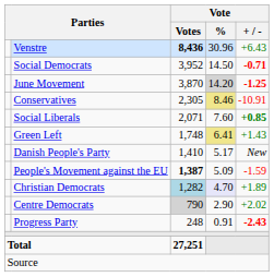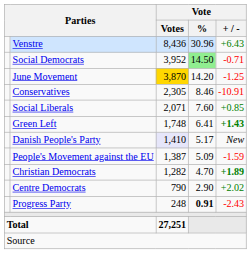 <table class="wikitable" style="text-align:right;">
 <tr>
 <th style="text-align:centre;" rowspan="2" colspan="2" width="225">Parties</th>
 <th colspan="3">Vote</th>
 </tr>
 <tr>
 <th width="15">Votes</th>
 <th width="15">%</th>
 <th width="15">+ / -</th>
 </tr>
 <tr>
 <td width="2" style="color:inherit;background:"></td>
 <td bgcolor=#cfe5fe   align="left"><a href='#'>Venstre</a></td>
-<td bgcolor=#cfe5fe><strong>8,436</strong></td>
+<td bgcolor=#cfe5fe>8,436</td>
 <td bgcolor=#cfe5fe>30.96</td>
 <td style=color:green;>+6.43</td>
 </tr>
 <tr>
 <td width="2" style="color:inherit;background:"></td>
 <td align="left"><a href='#'>Social Democrats</a></td>
 <td>3,952</td>
-<td>14.50</td>
-<td style=color:red;><strong>-0.71</strong></td>
+<td style="background: lightgreen;">14.50</td>
+<td style=color:red;>-0.71</td>
 </tr>
 <tr>
 <td width="2" style="color:inherit;background:"></td>
 <td align="left"><a href='#'>June Movement</a></td>
-<td>3,870</td>
-<td style="background: lightgrey;">14.20</td>
-<td style=color:red;><strong>-1.25</strong></td>
+<td style="background: gold;">3,870</td>
+<td>14.20</td>
+<td style=color:red;>-1.25</td>
 </tr>
 <tr>
 <td width="2" style="color:inherit;background:"></td>
 <td align="left"><a href='#'>Conservatives</a></td>
 <td>2,305</td>
-<td style="background: khaki;">8.46</td>
+<td>8.46</td>
 <td style=color:red;>-10.91</td>
 </tr>
 <tr>
 <td width="2" style="color:inherit;background:"></td>
 <td align="left"><a href='#'>Social Liberals</a></td>
 <td>2,071</td>
 <td>7.60</td>
-<td style=color:green;><strong>+0.85</strong></td>
+<td style=color:green;>+0.85</td>
 </tr>
 <tr>
 <td width="2" style="color:inherit;background:"></td>
 <td align="left"><a href='#'>Green Left</a></td>
 <td>1,748</td>
-<td style="background: khaki;">6.41</td>
-<td style=color:green;>+1.43</td>
+<td>6.41</td>
+<td style=color:green;><strong>+1.43</strong></td>
 </tr>
 <tr>
 <td width="2" style="color:inherit;background:"></td>
 <td align="left"><a href='#'>Danish People's Party</a></td>
-<td>1,410</td>
+<td style="background: lavender;">1,410</td>
 <td>5.17</td>
 <td><em>New</em></td>
 </tr>
 <tr>
 <td width="2" style="color:inherit;background:"></td>
 <td align="left"><a href='#'>People's Movement against the EU</a></td>
-<td><strong>1,387</strong></td>
+<td>1,387</td>
 <td>5.09</td>
 <td style=color:red;>-1.59</td>
 </tr>
 <tr>
 <td width="2" style="color:inherit;background:"></td>
 <td align="left"><a href='#'>Christian Democrats</a></td>
-<td style="background: lightblue;">1,282</td>
-<td style="background: lavender;">4.70</td>
-<td style=color:green;>+1.89</td>
+<td>1,282</td>
+<td>4.70</td>
+<td style=color:green;><strong>+1.89</strong></td>
 </tr>
 <tr>
 <td width="2" style="color:inherit;background:"></td>
 <td align="left"><a href='#'>Centre Democrats</a></td>
-<td style="background: lightgrey;">790</td>
+<td>790</td>
 <td>2.90</td>
 <td style=color:green;>+2.02</td>
 </tr>
 <tr>
 <td width="2" style="color:inherit;background:"></td>
 <td align="left"><a href='#'>Progress Party</a></td>
 <td>248</td>
-<td>0.91</td>
-<td style=color:red;><strong>-2.43</strong></td>
+<td><strong>0.91</strong></td>
+<td style=color:red;>-2.43</td>
 </tr>
 <tr>
 <td colspan="7" bgcolor="#E9E9E9"></td>
 </tr>
 <tr>
 <td align="left" colspan="2"><strong>Total</strong></td>
 <td><strong>27,251</strong></td>
 <td bgcolor="#E9E9E9" colspan="2"></td>
 </tr>
 <tr>
 <td align="left" colspan="6">Source</td>
 </tr>
 </table>
